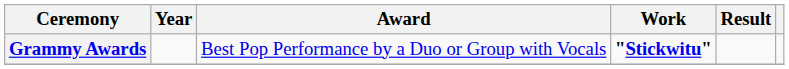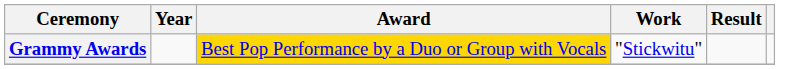 <table class="wikitable plainrowheaders">
 <tr>
 <th scope="col">Ceremony</th>
 <th scope="col">Year</th>
 <th scope="col">Award</th>
 <th scope="col">Work</th>
 <th scope="col">Result</th>
 <th scope="col" class="unsortable"></th>
 </tr>
 <tr>
 <th scope=row><a href='#'>Grammy Awards</a></th>
 <td></td>
-<td><a href='#'>Best Pop Performance by a Duo or Group with Vocals</a></td>
-<td><strong>"<a href='#'>Stickwitu</a>"</strong></td>
+<td style="background: gold;"><a href='#'>Best Pop Performance by a Duo or Group with Vocals</a></td>
+<td>"<a href='#'>Stickwitu</a>"</td>
 <td></td>
 <td></td>
 </tr>
 <tr>
 </tr>
 </table>
